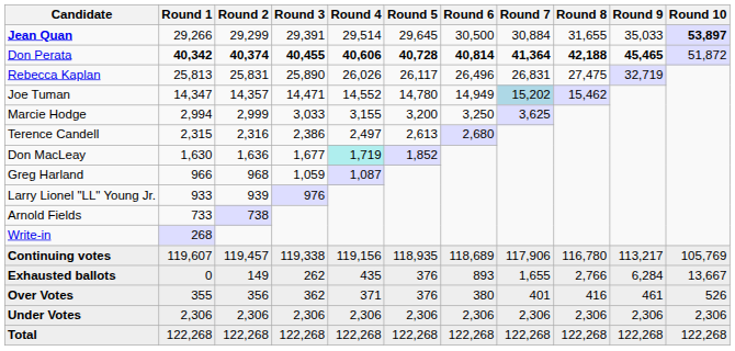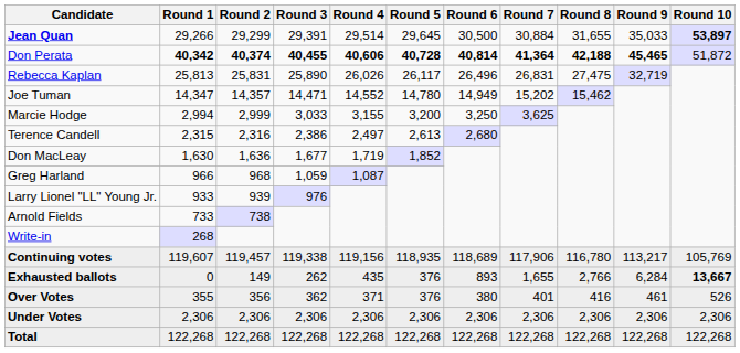 <table class="wikitable" style="text-align: right;">
 <tr>
 <th align="left">Candidate</th>
 <th>Round 1</th>
 <th>Round 2</th>
 <th>Round 3</th>
 <th>Round 4</th>
 <th>Round 5</th>
 <th>Round 6</th>
 <th>Round 7</th>
 <th>Round 8</th>
 <th>Round 9</th>
 <th>Round 10</th>
 </tr>
 <tr>
 <td align="left"><strong><a href='#'>Jean Quan</a></strong></td>
 <td>29,266</td>
 <td>29,299</td>
 <td>29,391</td>
 <td>29,514</td>
 <td>29,645</td>
 <td>30,500</td>
 <td>30,884</td>
 <td>31,655</td>
 <td>35,033</td>
 <td bgcolor="#ddddff"><strong>53,897</strong></td>
 </tr>
 <tr>
 <td align="left"><a href='#'>Don Perata</a></td>
 <td><strong>40,342</strong></td>
 <td><strong>40,374</strong></td>
 <td><strong>40,455</strong></td>
 <td><strong>40,606</strong></td>
 <td><strong>40,728</strong></td>
 <td><strong>40,814</strong></td>
 <td><strong>41,364</strong></td>
 <td><strong>42,188</strong></td>
 <td><strong>45,465</strong></td>
 <td bgcolor="#ddddff">51,872</td>
 </tr>
 <tr>
 <td align="left"><a href='#'>Rebecca Kaplan</a></td>
 <td>25,813</td>
 <td>25,831</td>
 <td>25,890</td>
 <td>26,026</td>
 <td>26,117</td>
 <td>26,496</td>
 <td>26,831</td>
 <td>27,475</td>
 <td bgcolor="#ddddff">32,719</td>
 <td rowspan="9"></td>
 </tr>
 <tr>
 <td align="left">Joe Tuman</td>
 <td>14,347</td>
 <td>14,357</td>
 <td>14,471</td>
 <td>14,552</td>
 <td>14,780</td>
 <td>14,949</td>
-<td style="background: lightblue;">15,202</td>
+<td>15,202</td>
 <td bgcolor="#ddddff">15,462</td>
 <td rowspan="8"></td>
 </tr>
 <tr>
 <td align="left">Marcie Hodge</td>
 <td>2,994</td>
 <td>2,999</td>
 <td>3,033</td>
 <td>3,155</td>
 <td>3,200</td>
 <td>3,250</td>
 <td bgcolor="#ddddff">3,625</td>
 <td rowspan="7"></td>
 </tr>
 <tr>
 <td align="left">Terence Candell</td>
 <td>2,315</td>
 <td>2,316</td>
 <td>2,386</td>
 <td>2,497</td>
 <td>2,613</td>
 <td bgcolor="#ddddff">2,680</td>
 <td rowspan="6"></td>
 </tr>
 <tr>
 <td align="left">Don MacLeay</td>
 <td>1,630</td>
 <td>1,636</td>
 <td>1,677</td>
-<td style="background: paleturquoise;">1,719</td>
+<td>1,719</td>
 <td bgcolor="#ddddff">1,852</td>
 <td rowspan="5"></td>
 </tr>
 <tr>
 <td align="left">Greg Harland</td>
 <td>966</td>
 <td>968</td>
 <td>1,059</td>
 <td bgcolor="#ddddff">1,087</td>
 <td rowspan="4"></td>
 </tr>
 <tr>
 <td align="left">Larry Lionel "LL" Young Jr.</td>
 <td>933</td>
 <td>939</td>
 <td bgcolor="#ddddff">976</td>
 <td rowspan="3"></td>
 </tr>
 <tr>
 <td align="left">Arnold Fields</td>
 <td>733</td>
 <td bgcolor="#ddddff">738</td>
 <td rowspan="2"></td>
 </tr>
 <tr>
 <td align="left"><a href='#'>Write-in</a></td>
 <td bgcolor="#ddddff">268</td>
 <td rowspan="1"></td>
 </tr>
 <tr bgcolor="#EEEEEE">
 <td align="left"><strong>Continuing votes</strong></td>
 <td>119,607</td>
 <td>119,457</td>
 <td>119,338</td>
 <td>119,156</td>
 <td>118,935</td>
 <td>118,689</td>
 <td>117,906</td>
 <td>116,780</td>
 <td>113,217</td>
 <td>105,769</td>
 </tr>
 <tr bgcolor="#EEEEEE">
 <td align="left"><strong>Exhausted ballots</strong></td>
 <td>0</td>
 <td>149</td>
 <td>262</td>
 <td>435</td>
 <td>376</td>
 <td>893</td>
 <td>1,655</td>
 <td>2,766</td>
 <td>6,284</td>
-<td>13,667</td>
+<td><strong>13,667</strong></td>
 </tr>
 <tr bgcolor="#EEEEEE">
 <td align="left"><strong>Over Votes</strong></td>
 <td>355</td>
 <td>356</td>
 <td>362</td>
 <td>371</td>
 <td>376</td>
 <td>380</td>
 <td>401</td>
 <td>416</td>
 <td>461</td>
 <td>526</td>
 </tr>
 <tr bgcolor="#EEEEEE">
 <td align="left"><strong>Under Votes</strong></td>
 <td>2,306</td>
 <td>2,306</td>
 <td>2,306</td>
 <td>2,306</td>
 <td>2,306</td>
 <td>2,306</td>
 <td>2,306</td>
 <td>2,306</td>
 <td>2,306</td>
 <td>2,306</td>
 </tr>
 <tr bgcolor="#EEEEEE">
 <td align="left"><strong>Total</strong></td>
 <td>122,268</td>
 <td>122,268</td>
 <td>122,268</td>
 <td>122,268</td>
 <td>122,268</td>
 <td>122,268</td>
 <td>122,268</td>
 <td>122,268</td>
 <td>122,268</td>
 <td>122,268</td>
 </tr>
 </table>
